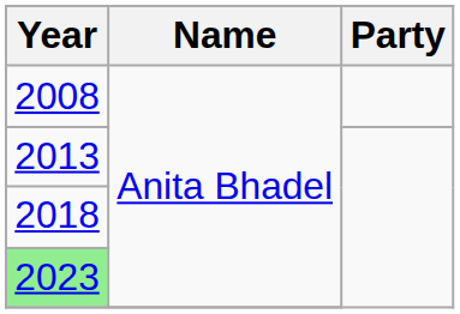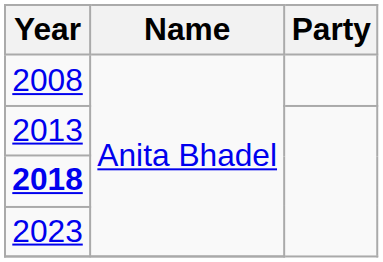 <table class="wikitable sortable">
 <tr>
 <th>Year</th>
 <th>Name</th>
 <th colspan=2>Party</th>
 </tr>
 <tr>
 <td><a href='#'>2008</a></td>
 <td rowspan=4><a href='#'>Anita Bhadel</a></td>
 <td></td>
 </tr>
 <tr>
 <td><a href='#'>2013</a></td>
 </tr>
 <tr>
-<td><a href='#'>2018</a></td>
+<td><strong><a href='#'>2018</a></strong></td>
 </tr>
 <tr>
-<td style="background: lightgreen;"><a href='#'>2023</a></td>
+<td><a href='#'>2023</a></td>
 </tr>
 <tr>
 </tr>
 </table>
